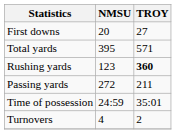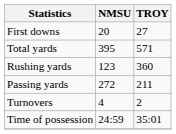 <table class="wikitable">
 <tr>
 <th>Statistics</th>
 <th>NMSU</th>
 <th>TROY</th>
 </tr>
 <tr>
 <td>First downs</td>
 <td>20</td>
 <td>27</td>
 </tr>
 <tr>
 <td>Total yards</td>
 <td>395</td>
 <td>571</td>
 </tr>
 <tr>
 <td>Rushing yards</td>
 <td>123</td>
-<td><strong>360</strong></td>
+<td>360</td>
 </tr>
 <tr>
 <td>Passing yards</td>
 <td>272</td>
 <td>211</td>
 </tr>
 <tr>
+<td>Turnovers</td>
+<td>4</td>
+<td>2</td>
+</tr>
+<tr>
 <td>Time of possession</td>
 <td>24:59</td>
 <td>35:01</td>
 </tr>
 <tr>
-<td>Turnovers</td>
-<td>4</td>
-<td>2</td>
-</tr>
-<tr>
 </tr>
 </table>
